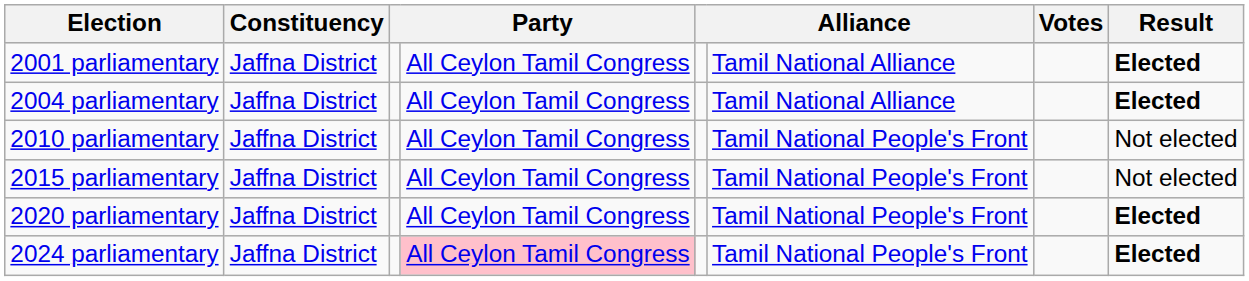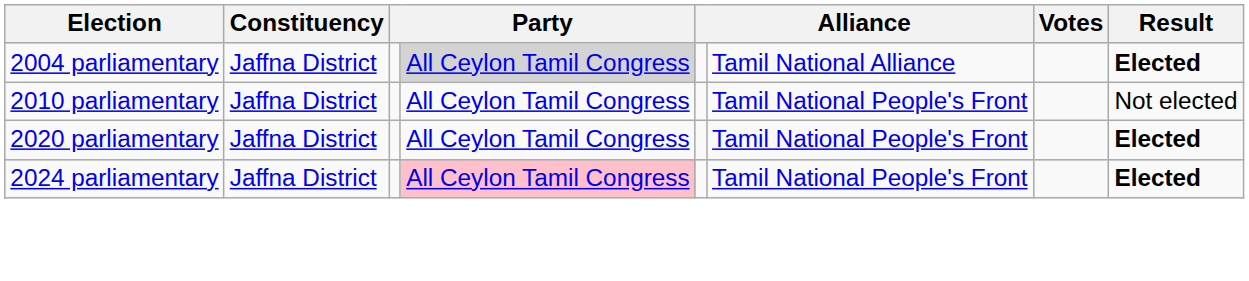 <table class="wikitable" style="text-align:left;">
 <tr>
 <th scope=col>Election</th>
 <th scope=col>Constituency</th>
 <th scope=col colspan="2">Party</th>
 <th scope=col colspan="2">Alliance</th>
 <th scope=col>Votes</th>
 <th scope=col>Result</th>
 </tr>
 <tr>
-<td><a href='#'>2001 parliamentary</a></td>
-<td><a href='#'>Jaffna District</a></td>
-<td style="background:"></td>
-<td><a href='#'>All Ceylon Tamil Congress</a></td>
-<td style="background:"></td>
-<td><a href='#'>Tamil National Alliance</a></td>
-<td align=right></td>
-<td><strong>Elected</strong></td>
-</tr>
-<tr>
 <td><a href='#'>2004 parliamentary</a></td>
 <td><a href='#'>Jaffna District</a></td>
 <td style="background:"></td>
-<td><a href='#'>All Ceylon Tamil Congress</a></td>
+<td style="background: lightgrey;"><a href='#'>All Ceylon Tamil Congress</a></td>
 <td style="background:"></td>
 <td><a href='#'>Tamil National Alliance</a></td>
 <td align=right></td>
 <td><strong>Elected</strong></td>
 </tr>
 <tr>
 <td><a href='#'>2010 parliamentary</a></td>
-<td><a href='#'>Jaffna District</a></td>
-<td style="background:"></td>
-<td><a href='#'>All Ceylon Tamil Congress</a></td>
-<td style="background:"></td>
-<td><a href='#'>Tamil National People's Front</a></td>
-<td></td>
-<td>Not elected</td>
-</tr>
-<tr>
-<td><a href='#'>2015 parliamentary</a></td>
 <td><a href='#'>Jaffna District</a></td>
 <td style="background:"></td>
 <td><a href='#'>All Ceylon Tamil Congress</a></td>
 <td style="background:"></td>
 <td><a href='#'>Tamil National People's Front</a></td>
 <td></td>
 <td>Not elected</td>
 </tr>
 <tr>
 <td><a href='#'>2020 parliamentary</a></td>
 <td><a href='#'>Jaffna District</a></td>
 <td style="background:"></td>
 <td><a href='#'>All Ceylon Tamil Congress</a></td>
 <td style="background:"></td>
 <td><a href='#'>Tamil National People's Front</a></td>
 <td align=right></td>
 <td><strong>Elected</strong></td>
 </tr>
 <tr>
 <td><a href='#'>2024 parliamentary</a></td>
 <td><a href='#'>Jaffna District</a></td>
 <td style="background:"></td>
 <td style="background: pink;"><a href='#'>All Ceylon Tamil Congress</a></td>
 <td style="background:"></td>
 <td><a href='#'>Tamil National People's Front</a></td>
 <td align=right></td>
 <td><strong>Elected</strong></td>
 </tr>
 </table>
